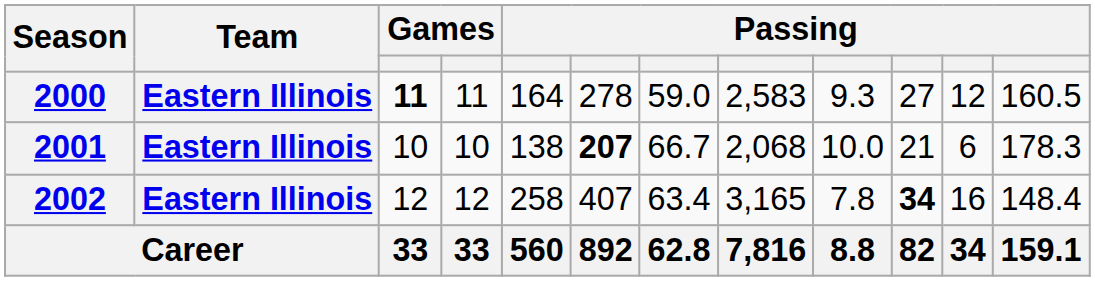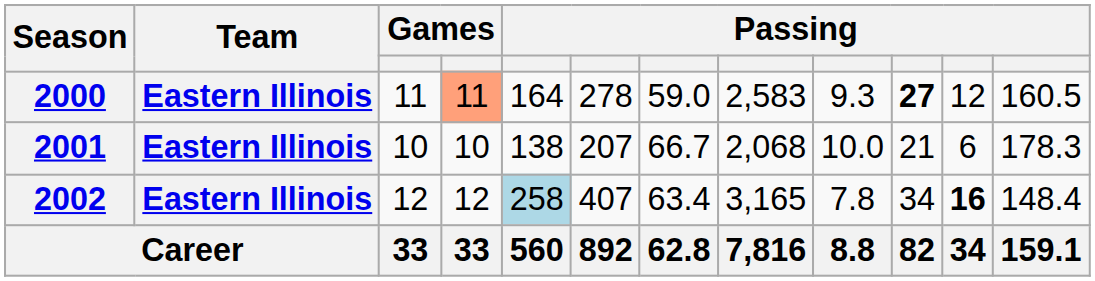 <table class="wikitable" style="text-align:center;">
 <tr>
 <th rowspan="2">Season</th>
 <th rowspan="2">Team</th>
 <th colspan="2">Games</th>
 <th colspan="8">Passing</th>
 </tr>
 <tr>
 <th></th>
 <th></th>
 <th></th>
 <th></th>
 <th></th>
 <th></th>
 <th></th>
 <th></th>
 <th></th>
 <th></th>
 </tr>
 <tr>
 <th><a href='#'>2000</a></th>
 <th><a href='#'>Eastern Illinois</a></th>
-<td><strong>11</strong></td>
 <td>11</td>
+<td style="background: lightsalmon;">11</td>
 <td>164</td>
 <td>278</td>
 <td>59.0</td>
 <td>2,583</td>
 <td>9.3</td>
-<td>27</td>
+<td><strong>27</strong></td>
 <td>12</td>
 <td>160.5</td>
 </tr>
 <tr>
 <th><a href='#'>2001</a></th>
 <th><a href='#'>Eastern Illinois</a></th>
 <td>10</td>
 <td>10</td>
 <td>138</td>
-<td><strong>207</strong></td>
+<td>207</td>
 <td>66.7</td>
 <td>2,068</td>
 <td>10.0</td>
 <td>21</td>
 <td>6</td>
 <td>178.3</td>
 </tr>
 <tr>
 <th><a href='#'>2002</a></th>
 <th><a href='#'>Eastern Illinois</a></th>
 <td>12</td>
 <td>12</td>
-<td>258</td>
+<td style="background: lightblue;">258</td>
 <td>407</td>
 <td>63.4</td>
 <td>3,165</td>
 <td>7.8</td>
-<td><strong>34</strong></td>
-<td>16</td>
+<td>34</td>
+<td><strong>16</strong></td>
 <td>148.4</td>
 </tr>
 <tr>
 <th colspan="2">Career</th>
 <th>33</th>
 <th>33</th>
 <th>560</th>
 <th>892</th>
 <th>62.8</th>
 <th>7,816</th>
 <th>8.8</th>
 <th>82</th>
 <th>34</th>
 <th>159.1</th>
 </tr>
 </table>
